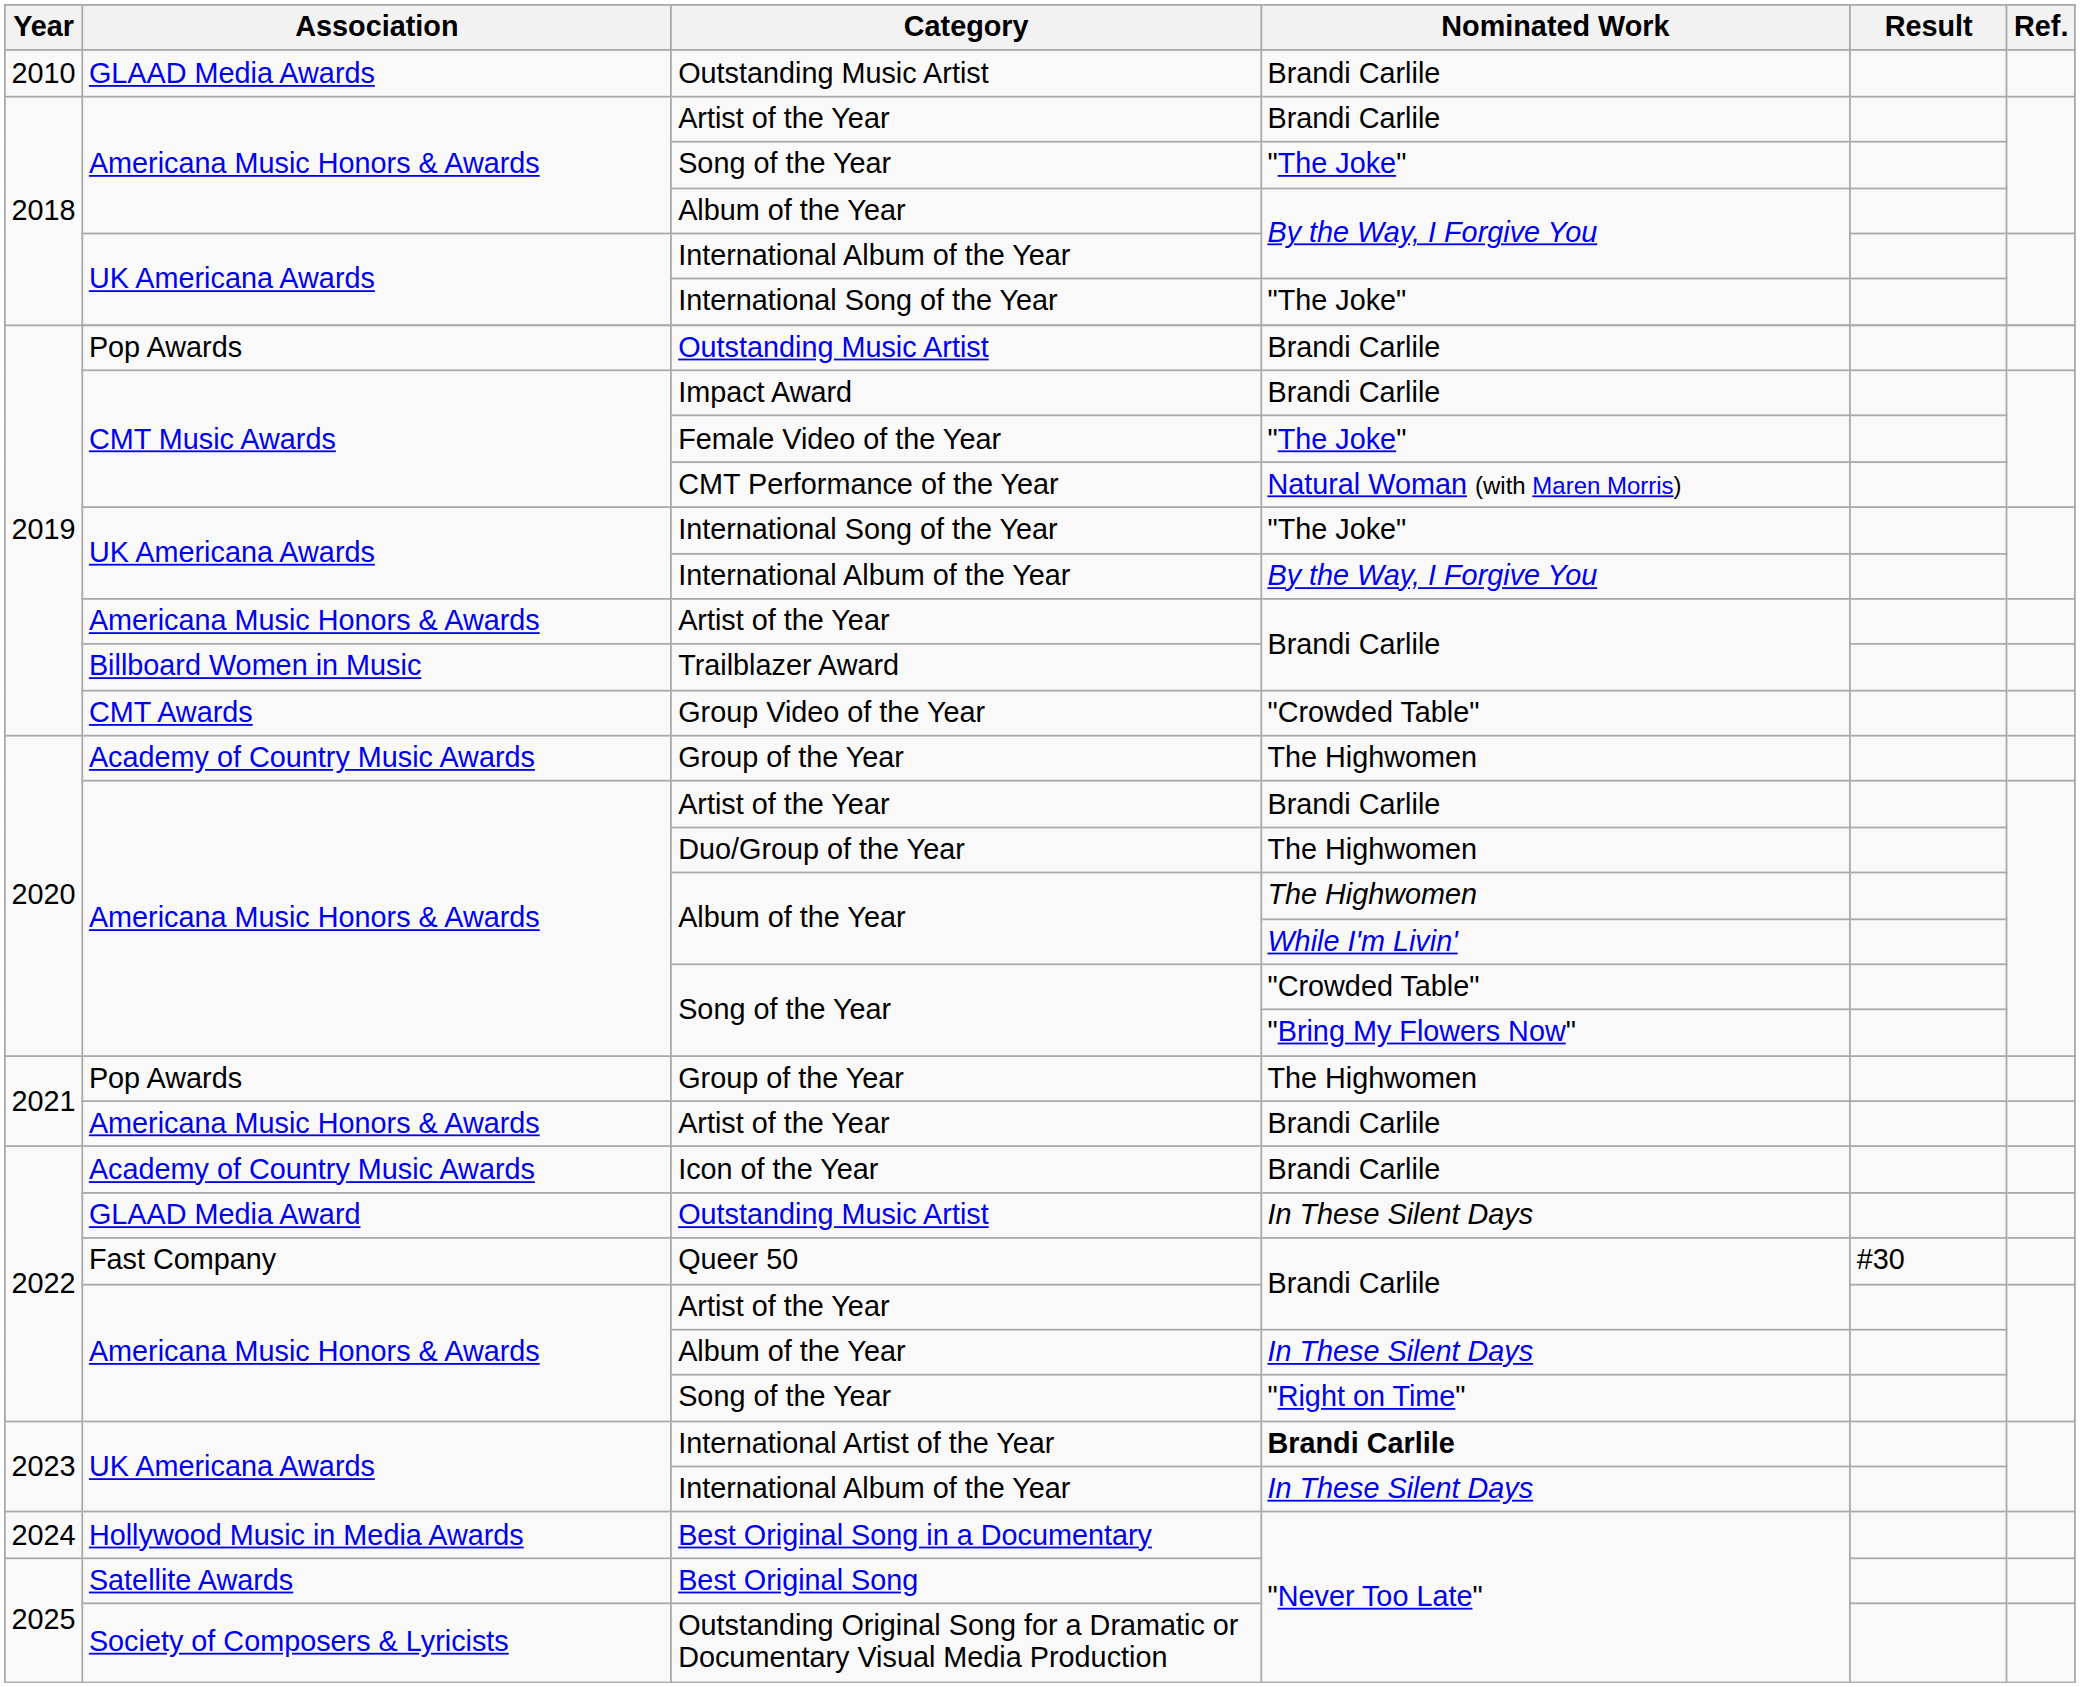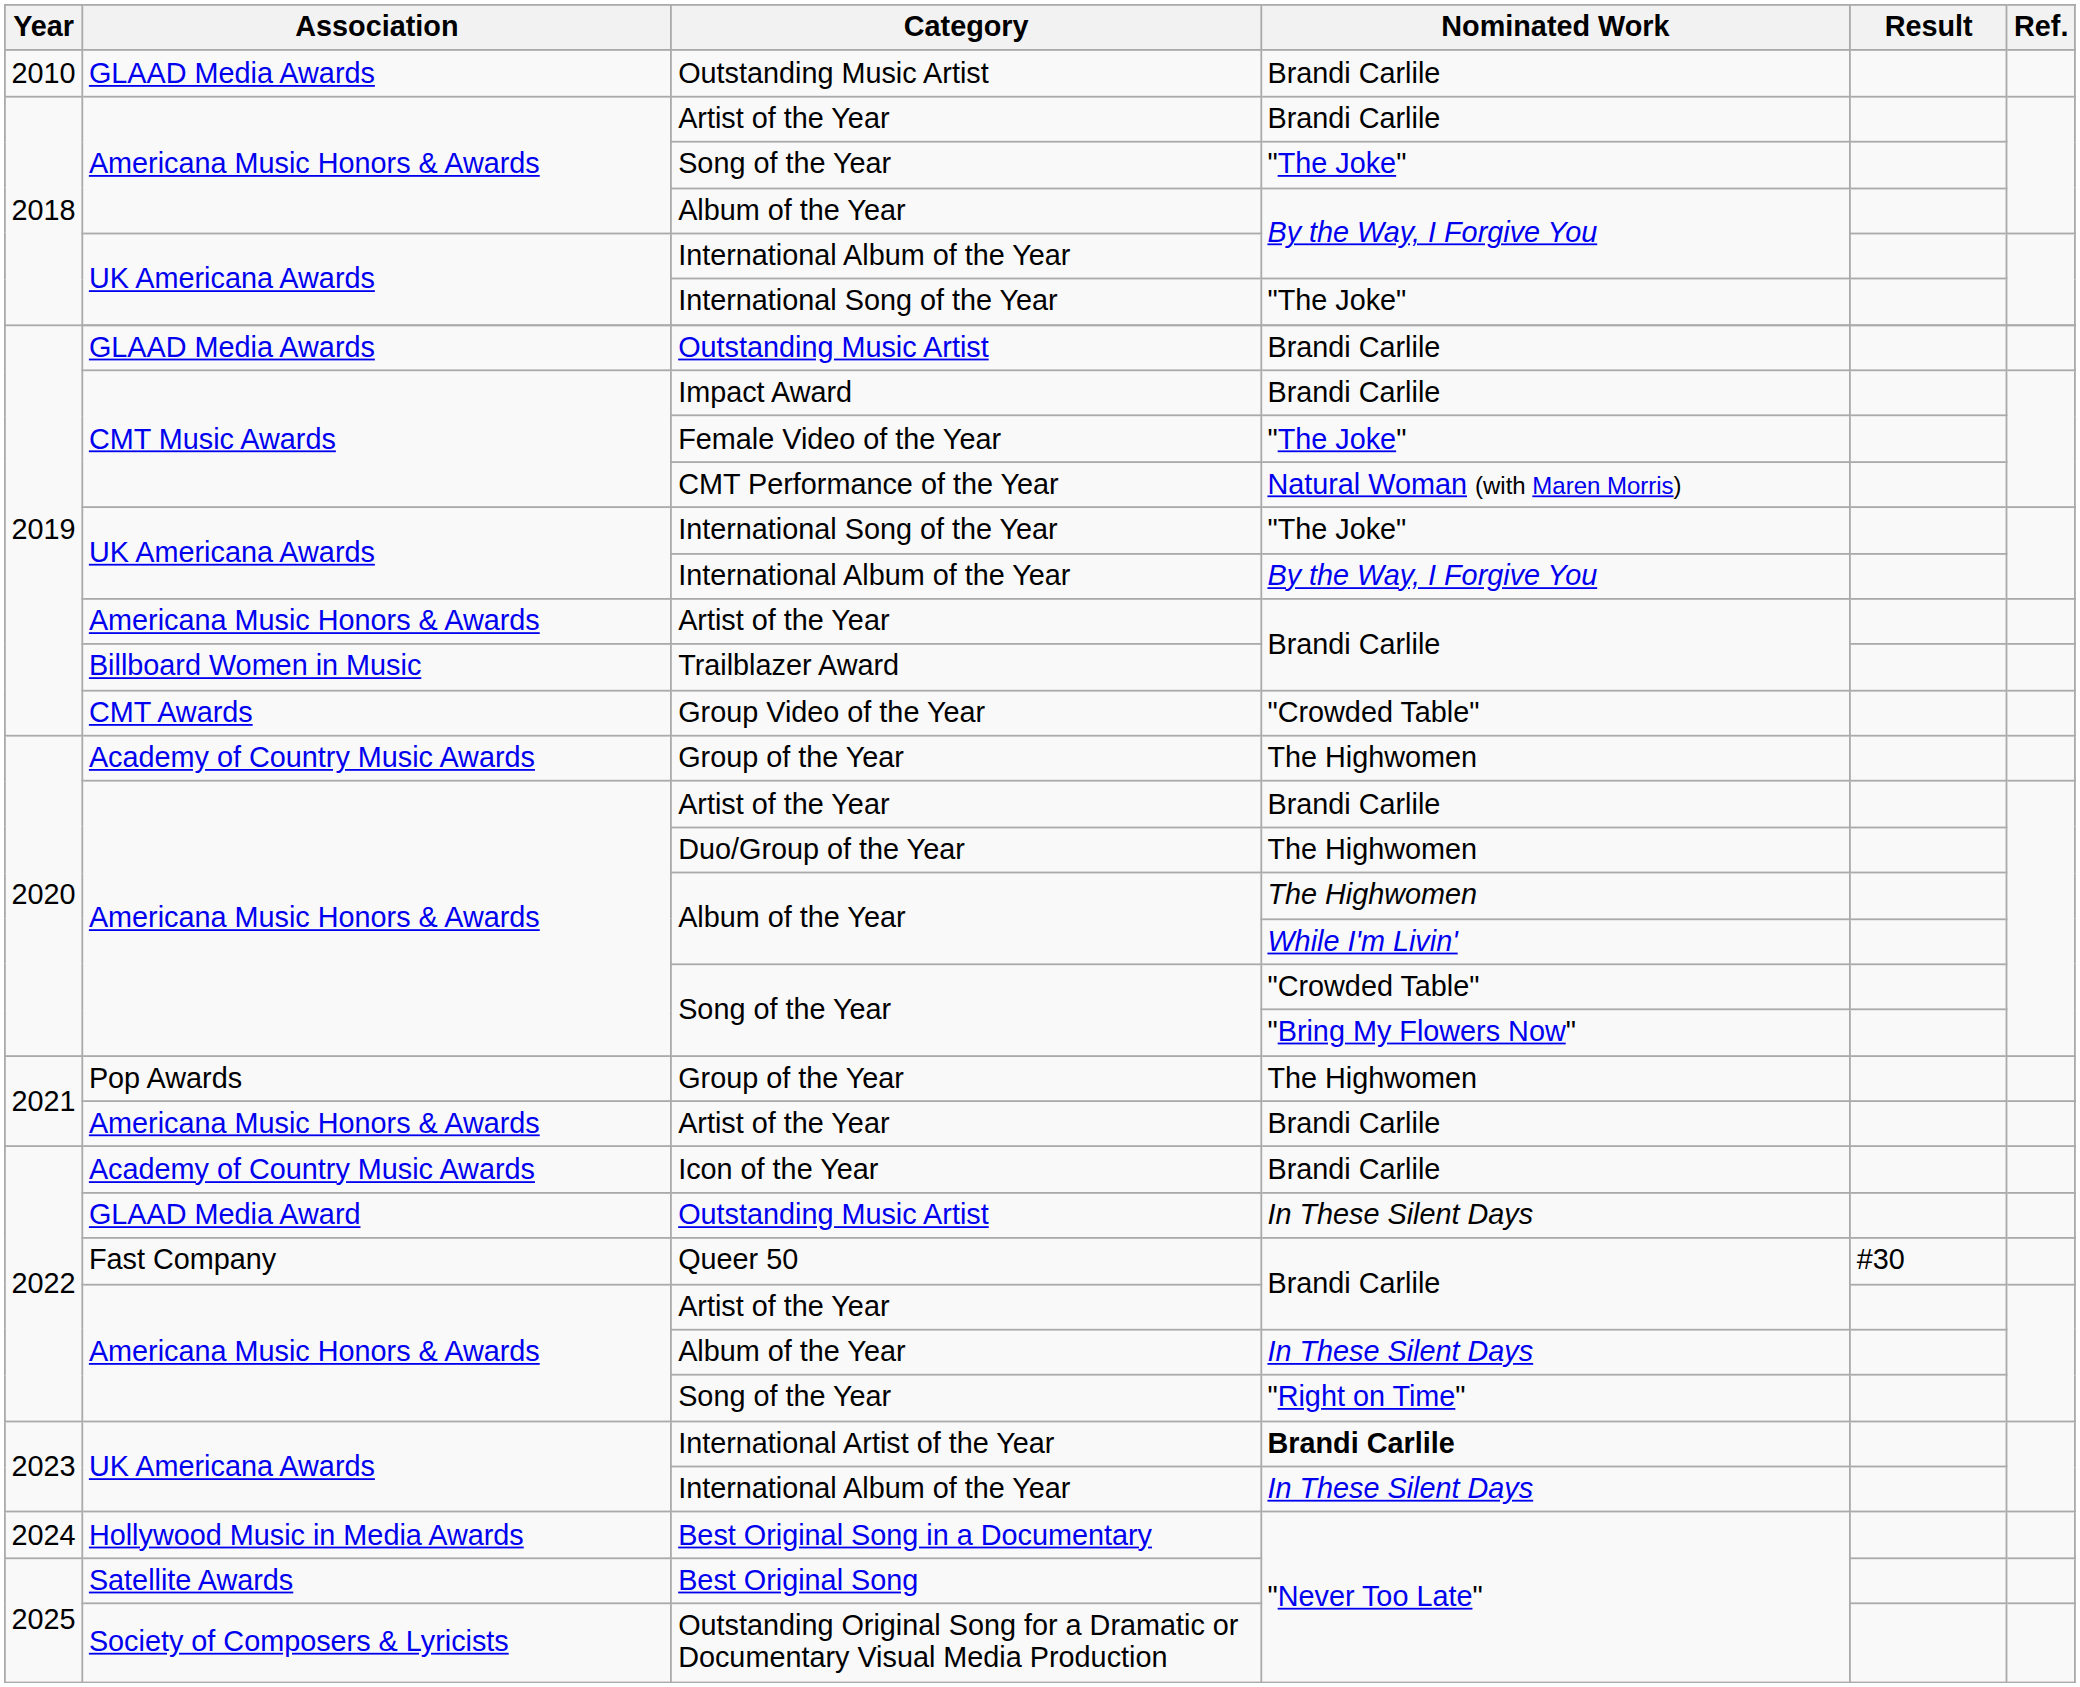 <table class="wikitable">
 <tr>
 <th scope="col" style="width:1em;">Year</th>
 <th scope="col" style="width:20em;">Association</th>
 <th scope="col" style="width:20em;">Category</th>
 <th scope="col" style="width:20em;">Nominated Work</th>
 <th scope="col" style="width:5em;">Result</th>
 <th scope="col" style="width:1em;">Ref.</th>
 </tr>
 <tr>
 <td>2010</td>
 <td><a href='#'>GLAAD Media Awards</a></td>
 <td>Outstanding Music Artist</td>
 <td>Brandi Carlile</td>
 <td></td>
 <td align="center"></td>
 </tr>
 <tr>
 <td rowspan=5>2018</td>
 <td rowspan=3><a href='#'>Americana Music Honors & Awards</a></td>
 <td>Artist of the Year</td>
 <td>Brandi Carlile</td>
 <td></td>
 <td rowspan="3" align="center"></td>
 </tr>
 <tr>
 <td>Song of the Year</td>
 <td>"<a href='#'>The Joke</a>"</td>
 <td></td>
 </tr>
 <tr>
 <td>Album of the Year</td>
 <td rowspan=2><em><a href='#'>By the Way, I Forgive You</a></em></td>
 <td></td>
 </tr>
 <tr>
 <td rowspan=2><a href='#'>UK Americana Awards</a></td>
 <td>International Album of the Year</td>
 <td></td>
 <td rowspan="2" align="center"></td>
 </tr>
 <tr>
 <td>International Song of the Year</td>
 <td>"The Joke"</td>
 <td></td>
 </tr>
 <tr>
 <td rowspan=10>2019</td>
 </tr>
 <tr>
-<td>Pop Awards</td>
+<td><a href='#'>GLAAD Media Awards</a></td>
 <td><a href='#'>Outstanding Music Artist</a></td>
 <td>Brandi Carlile</td>
 <td></td>
 <td></td>
 </tr>
 <tr>
 <td rowspan=3><a href='#'>CMT Music Awards</a></td>
 <td>Impact Award</td>
 <td>Brandi Carlile</td>
 <td></td>
 <td rowspan="3" align="center"></td>
 </tr>
 <tr>
 <td>Female Video of the Year</td>
 <td>"<a href='#'>The Joke</a>"</td>
 <td></td>
 </tr>
 <tr>
 <td>CMT Performance of the Year</td>
 <td><a href='#'>Natural Woman</a> <small>(with <a href='#'>Maren Morris</a>)</small></td>
 <td></td>
 </tr>
 <tr>
 <td rowspan=2><a href='#'>UK Americana Awards</a></td>
 <td>International Song of the Year</td>
 <td>"The Joke"</td>
 <td></td>
 <td rowspan="2" align="center"></td>
 </tr>
 <tr>
 <td>International Album of the Year</td>
 <td><em><a href='#'>By the Way, I Forgive You</a></em></td>
 <td></td>
 </tr>
 <tr>
 <td><a href='#'>Americana Music Honors & Awards</a></td>
 <td>Artist of the Year</td>
 <td rowspan=2>Brandi Carlile</td>
 <td></td>
 <td align="center"></td>
 </tr>
 <tr>
 <td><a href='#'>Billboard Women in Music</a></td>
 <td>Trailblazer Award</td>
 <td></td>
 <td align="center"></td>
 </tr>
 <tr>
 <td><a href='#'>CMT Awards</a></td>
 <td>Group Video of the Year</td>
 <td>"Crowded Table"</td>
 <td></td>
 <td align="center"></td>
 </tr>
 <tr>
 <td rowspan="7">2020</td>
 <td><a href='#'>Academy of Country Music Awards</a></td>
 <td>Group of the Year</td>
 <td>The Highwomen</td>
 <td></td>
 <td align="center"></td>
 </tr>
 <tr>
 <td rowspan="6"><a href='#'>Americana Music Honors & Awards</a></td>
 <td>Artist of the Year</td>
 <td>Brandi Carlile</td>
 <td></td>
 <td align="center" rowspan="6"></td>
 </tr>
 <tr>
 <td>Duo/Group of the Year</td>
 <td>The Highwomen</td>
 <td></td>
 </tr>
 <tr>
 <td rowspan="2">Album of the Year</td>
 <td><em>The Highwomen</em></td>
 <td></td>
 </tr>
 <tr>
 <td><em><a href='#'>While I'm Livin'</a></em></td>
 <td></td>
 </tr>
 <tr>
 <td rowspan="2">Song of the Year</td>
 <td>"Crowded Table"</td>
 <td></td>
 </tr>
 <tr>
 <td>"<a href='#'>Bring My Flowers Now</a>"</td>
 <td></td>
 </tr>
 <tr>
 <td rowspan="2">2021</td>
 <td>Pop Awards</td>
 <td>Group of the Year</td>
 <td>The Highwomen</td>
 <td></td>
 <td align="center"></td>
 </tr>
 <tr>
 <td><a href='#'>Americana Music Honors & Awards</a></td>
 <td>Artist of the Year</td>
 <td>Brandi Carlile</td>
 <td></td>
 <td align="center"></td>
 </tr>
 <tr>
 <td rowspan="6">2022</td>
 <td><a href='#'>Academy of Country Music Awards</a></td>
 <td>Icon of the Year</td>
 <td>Brandi Carlile</td>
 <td></td>
 <td align="center"></td>
 </tr>
 <tr>
 <td><a href='#'>GLAAD Media Award</a></td>
 <td><a href='#'>Outstanding Music Artist</a></td>
 <td><em>In These Silent Days</em></td>
 <td></td>
 <td align="center"></td>
 </tr>
 <tr>
 <td>Fast Company</td>
 <td>Queer 50</td>
 <td rowspan=2>Brandi Carlile</td>
 <td>#30</td>
 <td></td>
 </tr>
 <tr>
 <td rowspan=3><a href='#'>Americana Music Honors & Awards</a></td>
 <td>Artist of the Year</td>
 <td></td>
 <td rowspan=3></td>
 </tr>
 <tr>
 <td>Album of the Year</td>
 <td><em><a href='#'>In These Silent Days</a></em></td>
 <td></td>
 </tr>
 <tr>
 <td>Song of the Year</td>
 <td>"<a href='#'>Right on Time</a>"</td>
 <td></td>
 </tr>
 <tr>
 <td rowspan="2">2023</td>
 <td rowspan=2><a href='#'>UK Americana Awards</a></td>
 <td>International Artist of the Year</td>
 <td><strong>Brandi Carlile</strong></td>
 <td></td>
 <td rowspan=2></td>
 </tr>
 <tr>
 <td>International Album of the Year</td>
 <td><em><a href='#'>In These Silent Days</a></em></td>
 <td></td>
 </tr>
 <tr>
 <td>2024</td>
 <td><a href='#'>Hollywood Music in Media Awards</a></td>
 <td><a href='#'>Best Original Song in a Documentary</a></td>
 <td rowspan="3">"<a href='#'>Never Too Late</a>"</td>
 <td></td>
 <td></td>
 </tr>
 <tr>
 <td rowspan="2">2025</td>
 <td><a href='#'>Satellite Awards</a></td>
 <td><a href='#'>Best Original Song</a></td>
 <td></td>
 <td></td>
 </tr>
 <tr>
 <td><a href='#'>Society of Composers & Lyricists</a></td>
 <td>Outstanding Original Song for a Dramatic or Documentary Visual Media Production</td>
 <td></td>
 <td></td>
 </tr>
 </table>
